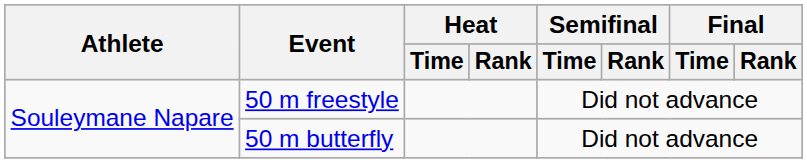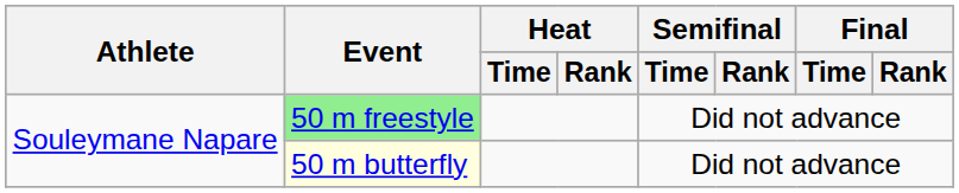 <table class="wikitable" style="text-align:center; font-size:90%">
 <tr>
 <th rowspan="2">Athlete</th>
 <th rowspan="2">Event</th>
 <th colspan="2">Heat</th>
 <th colspan="2">Semifinal</th>
 <th colspan="2">Final</th>
 </tr>
 <tr style="font-size:95%">
 <th>Time</th>
 <th>Rank</th>
 <th>Time</th>
 <th>Rank</th>
 <th>Time</th>
 <th>Rank</th>
 </tr>
 <tr>
 <td align=left rowspan=2><a href='#'>Souleymane Napare</a></td>
-<td align=left><a href='#'>50 m freestyle</a></td>
+<td align=left style="background: lightgreen;"><a href='#'>50 m freestyle</a></td>
 <td colspan=2></td>
 <td colspan=4>Did not advance</td>
 </tr>
 <tr>
-<td align=left><a href='#'>50 m butterfly</a></td>
+<td align=left style="background: lightyellow;"><a href='#'>50 m butterfly</a></td>
 <td colspan=2></td>
 <td colspan=4>Did not advance</td>
 </tr>
 </table>
